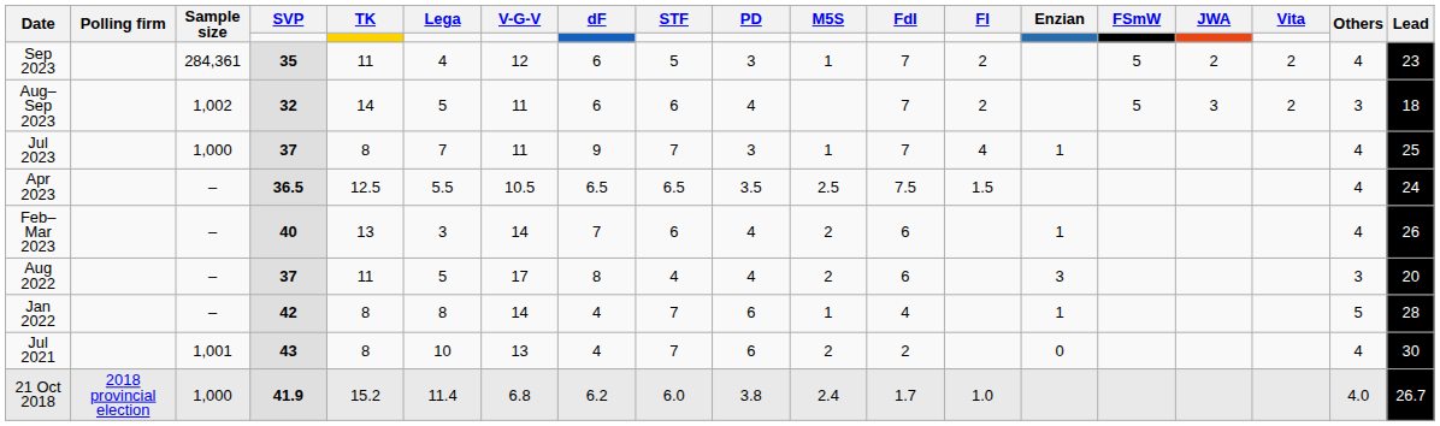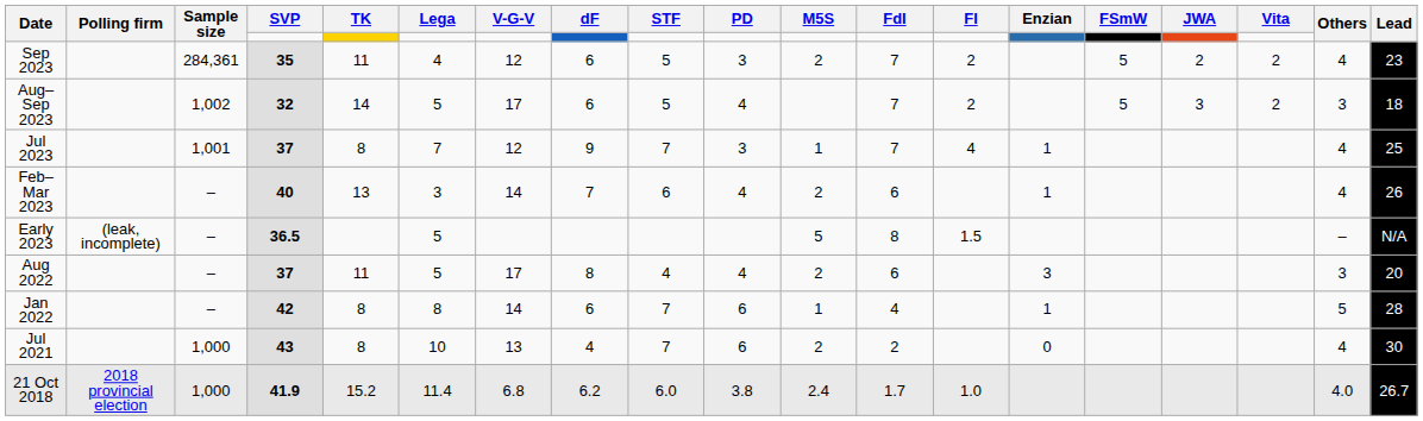 <table class="wikitable collapsible collapsed" style="text-align:center;font-size:85%;line-height:13px">
 <tr>
 <th rowspan="2">Date</th>
 <th rowspan="2">Polling firm</th>
 <th rowspan="2">Sample size</th>
 <th style="width:61px;"><a href='#'>SVP</a></th>
 <th style="width:61px;"><a href='#'>TK</a></th>
 <th style="width:61px;"><a href='#'>Lega</a></th>
 <th style="width:61px;"><a href='#'>V-G-V</a></th>
 <th style="width:61px;"><a href='#'>dF</a></th>
 <th style="width:61px;"><a href='#'>STF</a></th>
 <th style="width:61px;"><a href='#'>PD</a></th>
 <th style="width:61px;"><a href='#'>M5S</a></th>
 <th style="width:61px;"><a href='#'>FdI</a></th>
 <th style="width:61px;"><a href='#'>FI</a></th>
 <th style="width:61px;">Enzian</th>
 <th style="width:61px;"><a href='#'>FSmW</a></th>
 <th style="width:61px;"><a href='#'>JWA</a></th>
 <th style="width:61px;"><a href='#'>Vita</a></th>
 <th rowspan="2" style="width:35px;">Others</th>
 <th rowspan="2" style="width:35px;">Lead</th>
 </tr>
 <tr>
 <td></td>
 <td bgcolor="#FCD300"></td>
 <td></td>
 <td></td>
 <td bgcolor="#1560BD"></td>
 <td></td>
 <td></td>
 <td></td>
 <td></td>
 <td></td>
 <td bgcolor="#286cab"></td>
 <td bgcolor="black"></td>
 <td style="background:#E74617;"></td>
 <td></td>
 </tr>
 <tr>
 <td>Sep 2023</td>
 <td></td>
 <td>284,361</td>
 <td style="background:#DFDFDF"><strong>35</strong></td>
 <td>11</td>
 <td>4</td>
 <td>12</td>
 <td>6</td>
 <td>5</td>
 <td>3</td>
-<td>1</td>
+<td>2</td>
 <td>7</td>
 <td>2</td>
 <td></td>
 <td>5</td>
 <td>2</td>
 <td>2</td>
 <td>4</td>
 <td style="background:black; color:white;">23</td>
 </tr>
 <tr>
 <td>Aug–Sep 2023</td>
 <td></td>
 <td>1,002</td>
 <td style="background:#DFDFDF"><strong>32</strong></td>
 <td>14</td>
 <td>5</td>
-<td>11</td>
+<td>17</td>
 <td>6</td>
-<td>6</td>
+<td>5</td>
 <td>4</td>
 <td></td>
 <td>7</td>
 <td>2</td>
 <td></td>
 <td>5</td>
 <td>3</td>
 <td>2</td>
 <td>3</td>
 <td style="background:black; color:white;">18</td>
 </tr>
 <tr>
 <td>Jul 2023</td>
 <td></td>
-<td>1,000</td>
+<td>1,001</td>
 <td style="background:#DFDFDF"><strong>37</strong></td>
 <td>8</td>
 <td>7</td>
-<td>11</td>
+<td>12</td>
 <td>9</td>
 <td>7</td>
 <td>3</td>
 <td>1</td>
 <td>7</td>
 <td>4</td>
 <td>1</td>
 <td></td>
 <td></td>
 <td></td>
 <td>4</td>
 <td style="background:black; color:white;">25</td>
-</tr>
-<tr>
-<td>Apr 2023</td>
-<td></td>
-<td>–</td>
-<td style="background:#DFDFDF"><strong>36.5</strong></td>
-<td>12.5</td>
-<td>5.5</td>
-<td>10.5</td>
-<td>6.5</td>
-<td>6.5</td>
-<td>3.5</td>
-<td>2.5</td>
-<td>7.5</td>
-<td>1.5</td>
-<td></td>
-<td></td>
-<td></td>
-<td></td>
-<td>4</td>
-<td style="background:black; color:white;">24</td>
 </tr>
 <tr>
 <td>Feb–Mar 2023</td>
 <td></td>
 <td>–</td>
 <td style="background:#DFDFDF"><strong>40</strong></td>
 <td>13</td>
 <td>3</td>
 <td>14</td>
 <td>7</td>
 <td>6</td>
 <td>4</td>
 <td>2</td>
 <td>6</td>
 <td></td>
 <td>1</td>
 <td></td>
 <td></td>
 <td></td>
 <td>4</td>
 <td style="background:black; color:white;">26</td>
+</tr>
+<tr>
+<td>Early 2023</td>
+<td> (leak, incomplete)</td>
+<td>–</td>
+<td style="background:#DFDFDF"><strong>36.5</strong></td>
+<td></td>
+<td>5</td>
+<td></td>
+<td></td>
+<td></td>
+<td></td>
+<td>5</td>
+<td>8</td>
+<td>1.5</td>
+<td></td>
+<td></td>
+<td></td>
+<td></td>
+<td>–</td>
+<td style="background:black; color:white;">N/A</td>
 </tr>
 <tr>
 <td>Aug 2022</td>
 <td></td>
 <td>–</td>
 <td style="background:#DFDFDF"><strong>37</strong></td>
 <td>11</td>
 <td>5</td>
 <td>17</td>
 <td>8</td>
 <td>4</td>
 <td>4</td>
 <td>2</td>
 <td>6</td>
 <td></td>
 <td>3</td>
 <td></td>
 <td></td>
 <td></td>
 <td>3</td>
 <td style="background:black; color:white;">20</td>
 </tr>
 <tr>
 <td>Jan 2022</td>
 <td></td>
 <td>–</td>
 <td style="background:#DFDFDF"><strong>42</strong></td>
 <td>8</td>
 <td>8</td>
 <td>14</td>
-<td>4</td>
+<td>6</td>
 <td>7</td>
 <td>6</td>
 <td>1</td>
 <td>4</td>
 <td></td>
 <td>1</td>
 <td></td>
 <td></td>
 <td></td>
 <td>5</td>
 <td style="background:black; color:white;">28</td>
 </tr>
 <tr>
 <td>Jul 2021</td>
 <td></td>
-<td>1,001</td>
+<td>1,000</td>
 <td style="background:#DFDFDF"><strong>43</strong></td>
 <td>8</td>
 <td>10</td>
 <td>13</td>
 <td>4</td>
 <td>7</td>
 <td>6</td>
 <td>2</td>
 <td>2</td>
 <td></td>
 <td>0</td>
 <td></td>
 <td></td>
 <td></td>
 <td>4</td>
 <td style="background:black; color:white;">30</td>
 </tr>
 <tr style="background:#E9E9E9;">
 <td>21 Oct 2018</td>
 <td><a href='#'>2018 provincial election</a></td>
 <td>1,000</td>
 <td style="background:#DFDFDF"><strong>41.9</strong></td>
 <td>15.2</td>
 <td>11.4</td>
 <td>6.8</td>
 <td>6.2</td>
 <td>6.0</td>
 <td>3.8</td>
 <td>2.4</td>
 <td>1.7</td>
 <td>1.0</td>
 <td></td>
 <td></td>
 <td></td>
 <td></td>
 <td>4.0</td>
 <td style="background:black; color:white;">26.7</td>
 </tr>
 </table>
